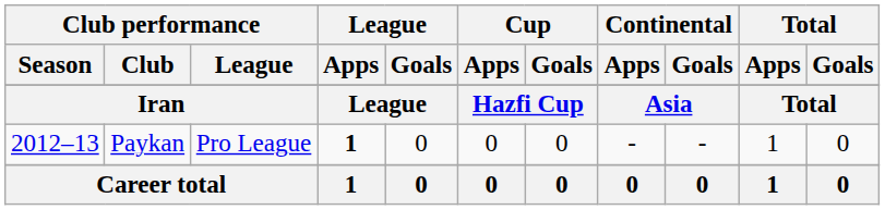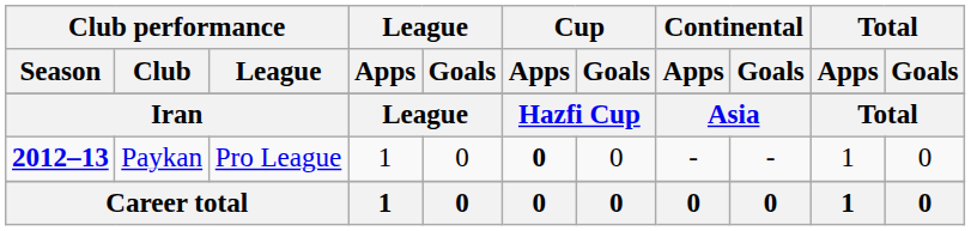 <table class="wikitable" style="text-align:center">
 <tr>
 <th colspan=3>Club performance</th>
 <th colspan=2>League</th>
 <th colspan=2>Cup</th>
 <th colspan=2>Continental</th>
 <th colspan=2>Total</th>
 </tr>
 <tr>
 <th>Season</th>
 <th>Club</th>
 <th>League</th>
 <th>Apps</th>
 <th>Goals</th>
 <th>Apps</th>
 <th>Goals</th>
 <th>Apps</th>
 <th>Goals</th>
 <th>Apps</th>
 <th>Goals</th>
 </tr>
 <tr>
 </tr>
 <tr>
 <th colspan=3>Iran</th>
 <th colspan=2>League</th>
 <th colspan=2><a href='#'>Hazfi Cup</a></th>
 <th colspan=2><a href='#'>Asia</a></th>
 <th colspan=2>Total</th>
 </tr>
 <tr>
-<td><a href='#'>2012–13</a></td>
+<td><strong><a href='#'>2012–13</a></strong></td>
 <td><a href='#'>Paykan</a></td>
 <td><a href='#'>Pro League</a></td>
-<td><strong>1</strong></td>
+<td>1</td>
 <td>0</td>
-<td>0</td>
+<td><strong>0</strong></td>
 <td>0</td>
 <td>-</td>
 <td>-</td>
 <td>1</td>
 <td>0</td>
 </tr>
 <tr>
 </tr>
 <tr>
 <th colspan=3>Career total</th>
 <th>1</th>
 <th>0</th>
 <th>0</th>
 <th>0</th>
 <th>0</th>
 <th>0</th>
 <th>1</th>
 <th>0</th>
 </tr>
 </table>
